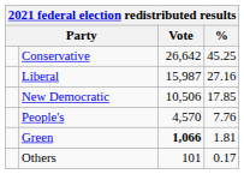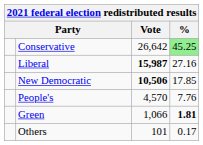 <table class="wikitable">
 <tr>
 <th colspan="4"><a href='#'>2021 federal election</a> redistributed results</th>
 </tr>
 <tr>
 <th bgcolor="#DDDDFF" width="130px" colspan="2">Party</th>
 <th bgcolor="#DDDDFF" width="50px">Vote</th>
 <th bgcolor="#DDDDFF" width="30px">%</th>
 </tr>
 <tr>
 <td> </td>
 <td><a href='#'>Conservative</a></td>
 <td align=right>26,642</td>
-<td align=right>45.25</td>
+<td align=right style="background: lightgreen;">45.25</td>
 </tr>
 <tr>
 <td> </td>
 <td><a href='#'>Liberal</a></td>
-<td align=right>15,987</td>
+<td align=right><strong>15,987</strong></td>
 <td align=right>27.16</td>
 </tr>
 <tr>
 <td> </td>
 <td><a href='#'>New Democratic</a></td>
-<td align=right>10,506</td>
+<td align=right><strong>10,506</strong></td>
 <td align=right>17.85</td>
 </tr>
 <tr>
 <td> </td>
 <td><a href='#'>People's</a></td>
 <td align=right>4,570</td>
 <td align=right>7.76</td>
 </tr>
 <tr>
 <td> </td>
 <td><a href='#'>Green</a></td>
-<td align=right><strong>1,066</strong></td>
-<td align=right>1.81</td>
+<td align=right>1,066</td>
+<td align=right><strong>1.81</strong></td>
 </tr>
 <tr>
 <td> </td>
 <td>Others</td>
 <td align=right>101</td>
 <td align=right>0.17</td>
 </tr>
 </table>
